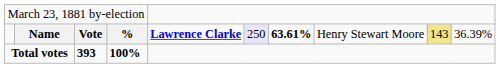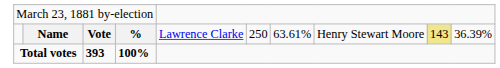 <table class="wikitable" align=right>
 <tr>
 <td colspan="4" align=center>March 23, 1881 by-election</td>
 </tr>
 <tr>
 <td></td>
 <th>Name</th>
 <th>Vote</th>
 <th>%<br></th>
-<td><strong><a href='#'>Lawrence Clarke</a></strong></td>
-<td style="background: lavender;">250</td>
-<td><strong>63.61%<br></strong></td>
+<td><a href='#'>Lawrence Clarke</a></td>
+<td>250</td>
+<td>63.61%<br></td>
 <td>Henry Stewart Moore</td>
 <td style="background: khaki;">143</td>
 <td>36.39%</td>
 </tr>
 <tr>
 <td colspan=2 align=center><strong>Total votes</strong></td>
 <td><strong>393</strong></td>
 <td><strong>100%</strong></td>
 </tr>
 </table>
